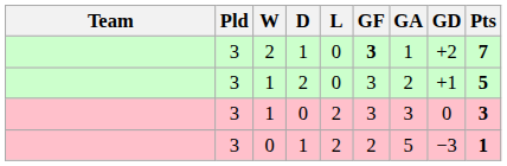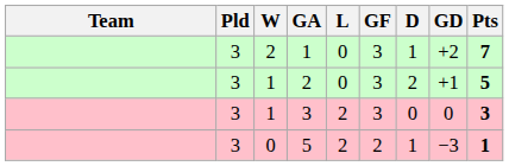 <table class="wikitable" style="text-align: center;">
 <tr>
 <th width="165">Team</th>
 <th width="20">Pld</th>
 <th width="20">W</th>
-<th width="20">D</th>
+<th width="20">GA</th>
 <th width="20">L</th>
 <th width="20">GF</th>
-<th width="20">GA</th>
+<th width="20">D</th>
 <th width="20">GD</th>
 <th width="20">Pts</th>
 </tr>
 <tr style="background:#CCFFCC">
 <td align=left></td>
 <td>3</td>
 <td>2</td>
 <td>1</td>
 <td>0</td>
-<td><strong>3</strong></td>
+<td>3</td>
 <td>1</td>
 <td>+2</td>
 <td><strong>7</strong></td>
 </tr>
 <tr style="background:#CCFFCC">
 <td align=left></td>
 <td>3</td>
 <td>1</td>
 <td>2</td>
 <td>0</td>
 <td>3</td>
 <td>2</td>
 <td>+1</td>
 <td><strong>5</strong></td>
 </tr>
 <tr style="background:#FFC0CB">
 <td align=left></td>
 <td>3</td>
 <td>1</td>
-<td>0</td>
+<td>3</td>
 <td>2</td>
 <td>3</td>
-<td>3</td>
+<td>0</td>
 <td>0</td>
 <td><strong>3</strong></td>
 </tr>
 <tr style="background:#FFC0CB">
 <td align=left></td>
 <td>3</td>
 <td>0</td>
-<td>1</td>
+<td>5</td>
 <td>2</td>
 <td>2</td>
-<td>5</td>
+<td>1</td>
 <td>−3</td>
 <td><strong>1</strong></td>
 </tr>
 </table>
